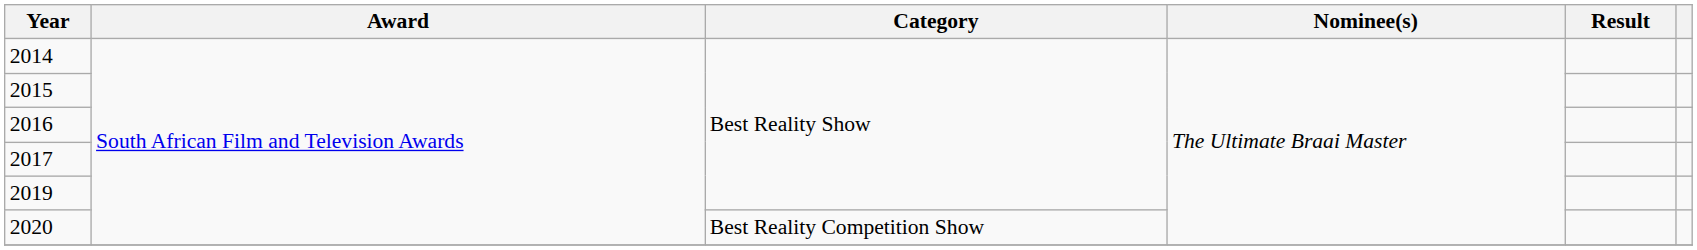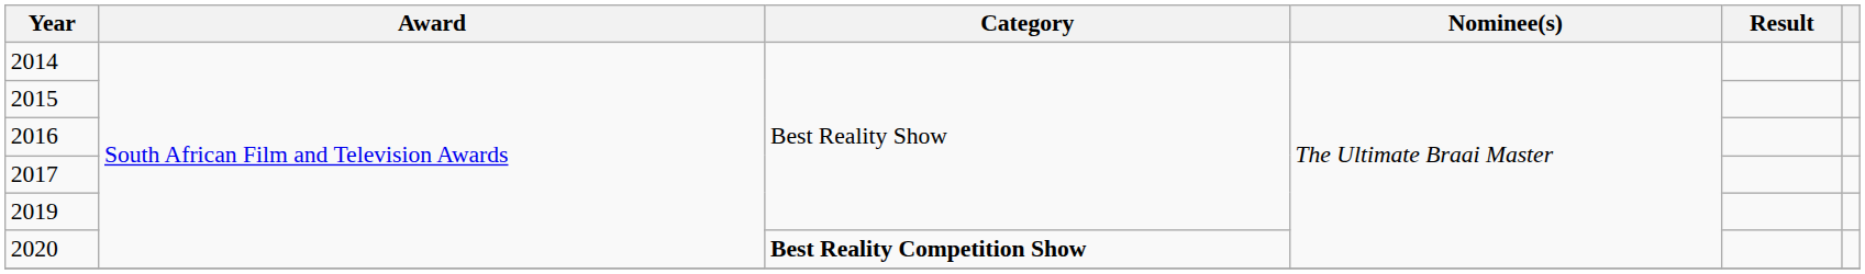 <table class="wikitable sortable plainrowheaders" style="width:99%;">
 <tr>
 <th scope="col">Year</th>
 <th scope="col">Award</th>
 <th scope="col">Category</th>
 <th scope="col">Nominee(s)</th>
 <th scope="col">Result</th>
 <th scope="col" class="unsortable"></th>
 </tr>
 <tr>
 <td>2014</td>
 <td rowspan="6"><a href='#'>South African Film and Television Awards</a></td>
 <td rowspan="5">Best Reality Show</td>
 <td rowspan="6"><em>The Ultimate Braai Master</em></td>
 <td></td>
 <td></td>
 </tr>
 <tr>
 <td>2015</td>
 <td></td>
 <td></td>
 </tr>
 <tr>
 <td>2016</td>
 <td></td>
 <td></td>
 </tr>
 <tr>
 <td>2017</td>
 <td></td>
 <td></td>
 </tr>
 <tr>
 <td>2019</td>
 <td></td>
 <td></td>
 </tr>
 <tr>
 <td>2020</td>
-<td>Best Reality Competition Show</td>
+<td><strong>Best Reality Competition Show</strong></td>
 <td></td>
 <td></td>
 </tr>
 <tr>
 </tr>
 </table>
